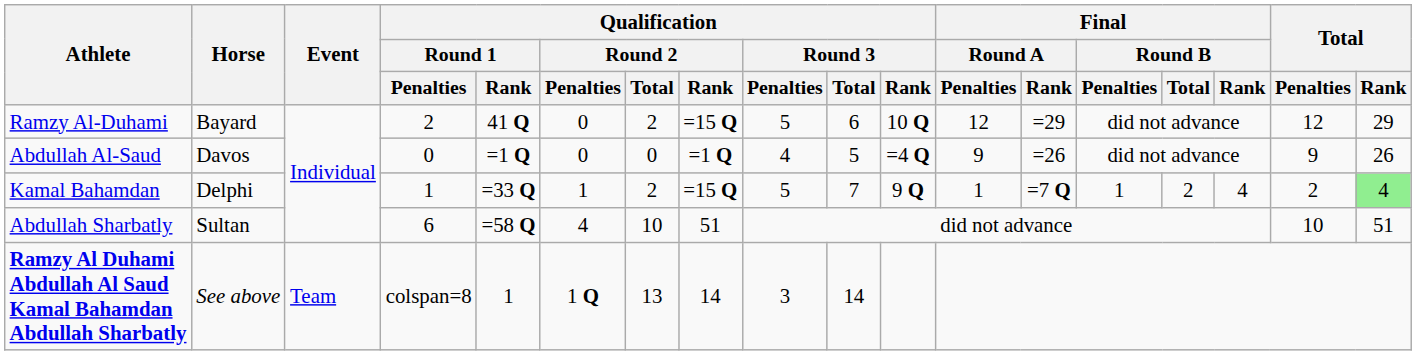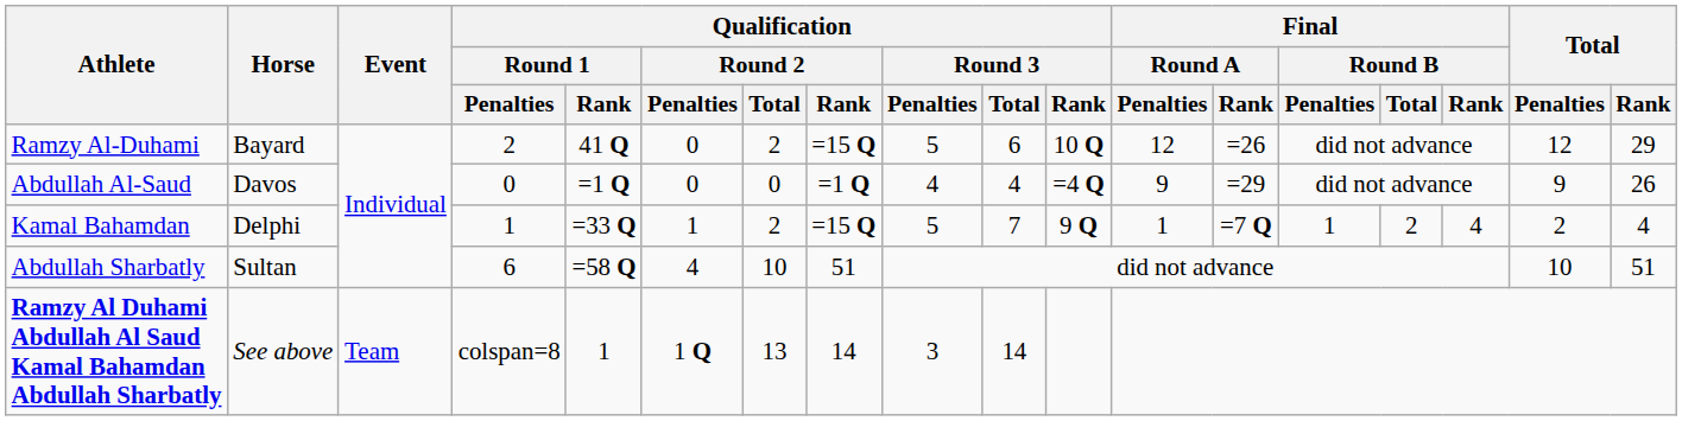 <table class="wikitable" style="font-size:90%">
 <tr>
 <th rowspan="3">Athlete</th>
 <th rowspan="3">Horse</th>
 <th rowspan="3">Event</th>
 <th colspan="8">Qualification</th>
 <th colspan="5">Final</th>
 <th rowspan=2 colspan="2">Total</th>
 </tr>
 <tr style="font-size:95%">
 <th colspan="2">Round 1</th>
 <th colspan="3">Round 2</th>
 <th colspan="3">Round 3</th>
 <th colspan="2">Round A</th>
 <th colspan="3">Round B</th>
 </tr>
 <tr style="font-size:95%">
 <th>Penalties</th>
 <th>Rank</th>
 <th>Penalties</th>
 <th>Total</th>
 <th>Rank</th>
 <th>Penalties</th>
 <th>Total</th>
 <th>Rank</th>
 <th>Penalties</th>
 <th>Rank</th>
 <th>Penalties</th>
 <th>Total</th>
 <th>Rank</th>
 <th>Penalties</th>
 <th>Rank</th>
 </tr>
 <tr align=center>
 <td align=left><a href='#'>Ramzy Al-Duhami</a></td>
 <td align=left>Bayard</td>
 <td style="text-align:left;" rowspan="4"><a href='#'>Individual</a></td>
 <td>2</td>
 <td>41 <strong>Q</strong></td>
 <td>0</td>
 <td>2</td>
 <td>=15 <strong>Q</strong></td>
 <td>5</td>
 <td>6</td>
 <td>10 <strong>Q</strong></td>
 <td>12</td>
-<td>=29</td>
+<td>=26</td>
 <td colspan=3>did not advance</td>
 <td>12</td>
 <td>29</td>
 </tr>
 <tr align=center>
 <td align=left><a href='#'>Abdullah Al-Saud</a></td>
 <td align=left>Davos</td>
 <td>0</td>
 <td>=1 <strong>Q</strong></td>
 <td>0</td>
 <td>0</td>
 <td>=1 <strong>Q</strong></td>
 <td>4</td>
-<td>5</td>
+<td>4</td>
 <td>=4 <strong>Q</strong></td>
 <td>9</td>
-<td>=26</td>
+<td>=29</td>
 <td colspan=3>did not advance</td>
 <td>9</td>
 <td>26</td>
 </tr>
 <tr align=center>
 <td align=left><a href='#'>Kamal Bahamdan</a></td>
 <td align=left>Delphi</td>
 <td>1</td>
 <td>=33 <strong>Q</strong></td>
 <td>1</td>
 <td>2</td>
 <td>=15 <strong>Q</strong></td>
 <td>5</td>
 <td>7</td>
 <td>9 <strong>Q</strong></td>
 <td>1</td>
 <td>=7 <strong>Q</strong></td>
 <td>1</td>
 <td>2</td>
 <td>4</td>
 <td>2</td>
-<td style="background: lightgreen;">4</td>
+<td>4</td>
 </tr>
 <tr align=center>
 <td align=left><a href='#'>Abdullah Sharbatly</a></td>
 <td align=left>Sultan</td>
 <td>6</td>
 <td>=58 <strong>Q</strong></td>
 <td>4</td>
 <td>10</td>
 <td>51</td>
 <td colspan=8>did not advance</td>
 <td>10</td>
 <td>51</td>
 </tr>
 <tr align=center>
 <td align=left><strong><a href='#'>Ramzy Al Duhami</a><br><a href='#'>Abdullah Al Saud</a><br><a href='#'>Kamal Bahamdan</a><br><a href='#'>Abdullah Sharbatly</a></strong></td>
 <td align=left><em>See above</em></td>
 <td align=left><a href='#'>Team</a></td>
 <td>colspan=8 </td>
 <td>1</td>
 <td>1 <strong>Q</strong></td>
 <td>13</td>
 <td>14</td>
 <td>3</td>
 <td>14</td>
 <td></td>
 </tr>
 </table>
